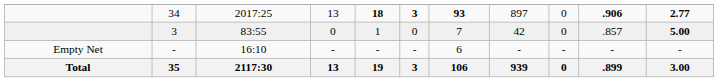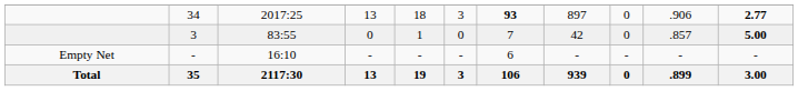 <table class="wikitable sortable" width ="1000">
 <tr align="center">
 </tr>
 <tr align="center" bgcolor="">
 <td></td>
 <td>34</td>
 <td>2017:25</td>
 <td>13</td>
-<td><strong>18</strong></td>
-<td><strong>3</strong></td>
+<td>18</td>
+<td>3</td>
 <td><strong>93</strong></td>
 <td>897</td>
 <td>0</td>
-<td><strong>.906</strong></td>
+<td>.906</td>
 <td><strong>2.77</strong></td>
 </tr>
 <tr align="center" bgcolor="f0f0f0">
 <td></td>
 <td>3</td>
 <td>83:55</td>
 <td>0</td>
 <td>1</td>
 <td>0</td>
 <td>7</td>
 <td>42</td>
 <td>0</td>
 <td>.857</td>
 <td><strong>5.00</strong></td>
 </tr>
 <tr align="center" bgcolor="">
 <td>Empty Net</td>
 <td>-</td>
 <td>16:10</td>
 <td>-</td>
 <td>-</td>
 <td>-</td>
 <td>6</td>
 <td>-</td>
 <td>-</td>
 <td>-</td>
 <td>-</td>
 </tr>
 <tr>
 <th>Total</th>
 <th>35</th>
 <th>2117:30</th>
 <th>13</th>
 <th>19</th>
 <th>3</th>
 <th>106</th>
 <th>939</th>
 <th>0</th>
 <th>.899</th>
 <th>3.00</th>
 </tr>
 </table>
